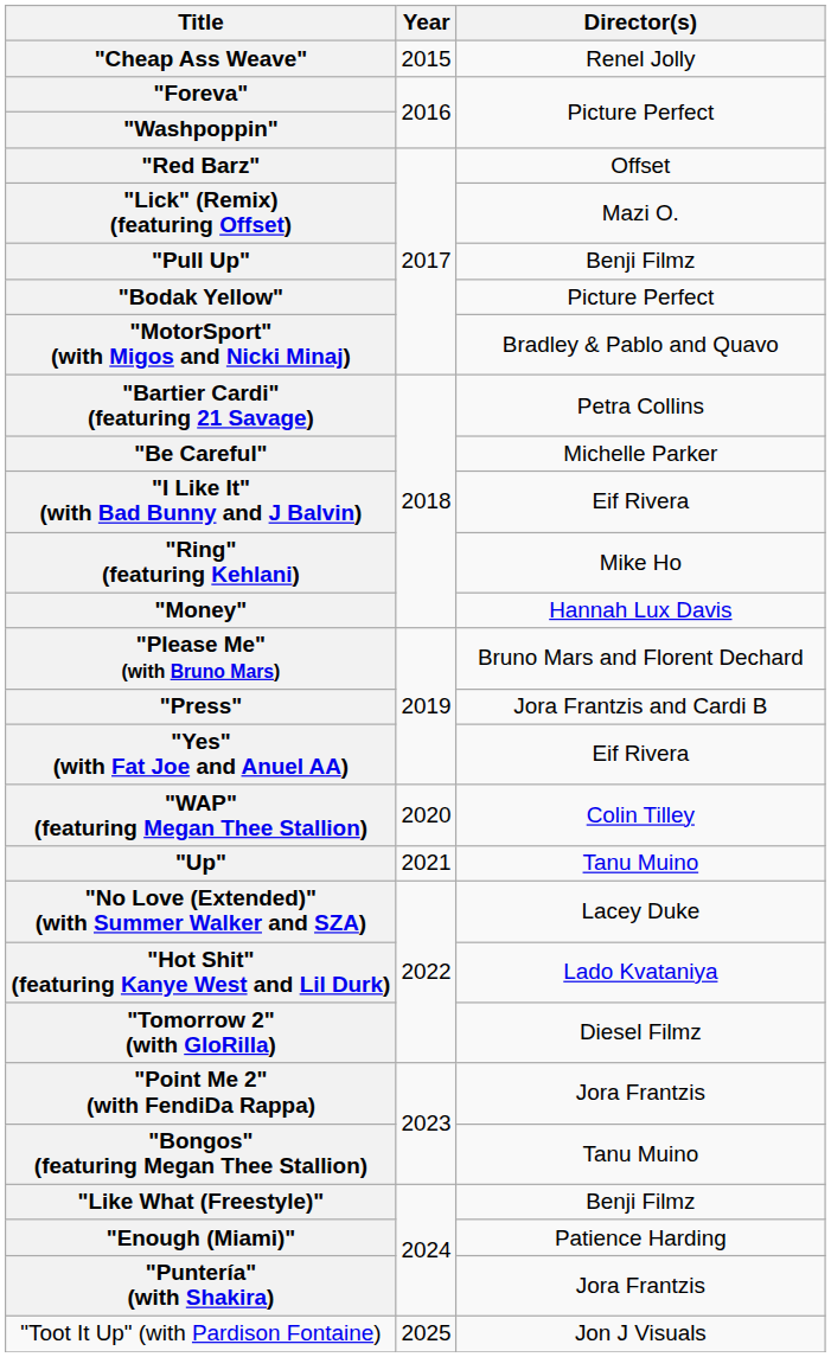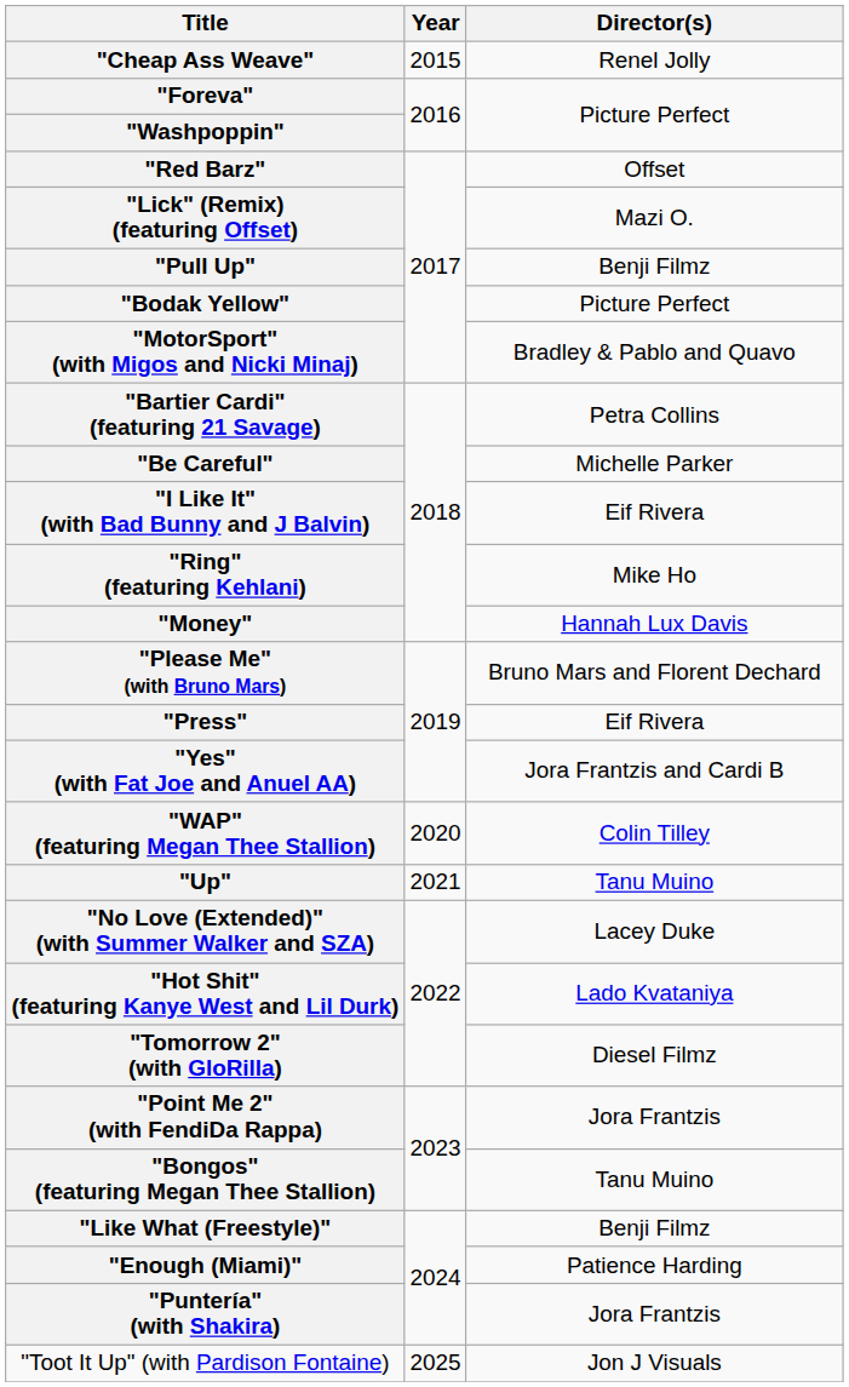 <table class="wikitable plainrowheaders" style="text-align:center;">
 <tr>
 <th scope="col" style="width:17em;">Title</th>
 <th scope="col">Year</th>
 <th scope="col" style="width:16em;">Director(s)</th>
 </tr>
 <tr>
 <th scope="row">"Cheap Ass Weave"</th>
 <td>2015</td>
 <td>Renel Jolly</td>
 </tr>
 <tr>
 <th scope="row">"Foreva"</th>
 <td rowspan="2">2016</td>
 <td rowspan="2">Picture Perfect</td>
 </tr>
 <tr>
 <th scope="row">"Washpoppin"</th>
 </tr>
 <tr>
 <th scope="row">"Red Barz"</th>
 <td rowspan="5">2017</td>
 <td>Offset</td>
 </tr>
 <tr>
 <th scope="row">"Lick" (Remix)<br><span>(featuring <a href='#'>Offset</a>)</span></th>
 <td>Mazi O.</td>
 </tr>
 <tr>
 <th scope="row">"Pull Up"</th>
 <td>Benji Filmz</td>
 </tr>
 <tr>
 <th scope="row">"Bodak Yellow"</th>
 <td>Picture Perfect</td>
 </tr>
 <tr>
 <th scope="row">"MotorSport"<br><span>(with <a href='#'>Migos</a> and <a href='#'>Nicki Minaj</a>)</span></th>
 <td>Bradley & Pablo and Quavo</td>
 </tr>
 <tr>
 <th scope="row">"Bartier Cardi"<br><span>(featuring <a href='#'>21 Savage</a>)</span></th>
 <td rowspan="5">2018</td>
 <td>Petra Collins</td>
 </tr>
 <tr>
 <th scope="row">"Be Careful"</th>
 <td>Michelle Parker</td>
 </tr>
 <tr>
 <th scope="row">"I Like It"<br><span>(with <a href='#'>Bad Bunny</a> and <a href='#'>J Balvin</a>)</span></th>
 <td>Eif Rivera</td>
 </tr>
 <tr>
 <th scope="row">"Ring"<br><span>(featuring <a href='#'>Kehlani</a>)</span></th>
 <td>Mike Ho</td>
 </tr>
 <tr>
 <th scope="row">"Money"</th>
 <td><a href='#'>Hannah Lux Davis</a></td>
 </tr>
 <tr>
 <th scope="row">"Please Me"<br><small>(with <a href='#'>Bruno Mars</a>)</small></th>
 <td rowspan="3">2019</td>
 <td>Bruno Mars and Florent Dechard</td>
 </tr>
 <tr>
 <th scope="row">"Press"</th>
-<td>Jora Frantzis and Cardi B</td>
+<td>Eif Rivera</td>
 </tr>
 <tr>
 <th scope="row">"Yes"<br><span>(with <a href='#'>Fat Joe</a> and <a href='#'>Anuel AA</a>)</span></th>
-<td>Eif Rivera</td>
+<td>Jora Frantzis and Cardi B</td>
 </tr>
 <tr>
 <th scope="row">"WAP"<br><span>(featuring <a href='#'>Megan Thee Stallion</a>)</span></th>
 <td>2020</td>
 <td><a href='#'>Colin Tilley</a></td>
 </tr>
 <tr>
 <th scope="row">"Up"</th>
 <td>2021</td>
 <td><a href='#'>Tanu Muino</a></td>
 </tr>
 <tr>
 <th scope="row">"No Love (Extended)"<br><span>(with <a href='#'>Summer Walker</a> and <a href='#'>SZA</a>)</span></th>
 <td rowspan=3>2022</td>
 <td>Lacey Duke</td>
 </tr>
 <tr>
 <th scope="row">"Hot Shit" <br><span>(featuring <a href='#'>Kanye West</a> and <a href='#'>Lil Durk</a>)</span></th>
 <td><a href='#'>Lado Kvataniya</a></td>
 </tr>
 <tr>
 <th scope="row">"Tomorrow 2"<br><span>(with <a href='#'>GloRilla</a>)</span></th>
 <td>Diesel Filmz</td>
 </tr>
 <tr>
 <th scope="row">"Point Me 2"<br><span>(with FendiDa Rappa)</span></th>
 <td rowspan="2">2023</td>
 <td>Jora Frantzis</td>
 </tr>
 <tr>
 <th scope="row">"Bongos"<br><span>(featuring Megan Thee Stallion)</span></th>
 <td>Tanu Muino</td>
 </tr>
 <tr>
 <th scope="row">"Like What (Freestyle)"</th>
 <td rowspan="3">2024</td>
 <td>Benji Filmz</td>
 </tr>
 <tr>
 <th scope="row">"Enough (Miami)"</th>
 <td>Patience Harding</td>
 </tr>
 <tr>
 <th scope="row">"Puntería"<br><span>(with <a href='#'>Shakira</a>)</span></th>
 <td>Jora Frantzis</td>
 </tr>
 <tr>
 <td>"Toot It Up" (with <a href='#'>Pardison Fontaine</a>)</td>
 <td>2025</td>
 <td>Jon J Visuals</td>
 </tr>
 </table>
